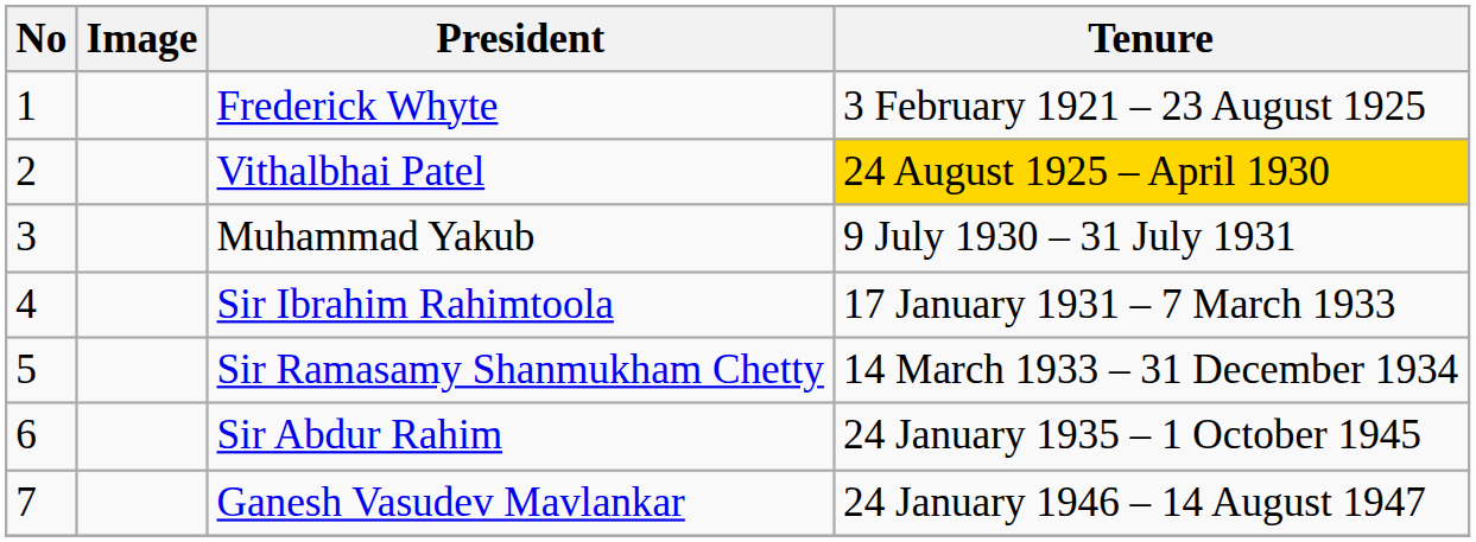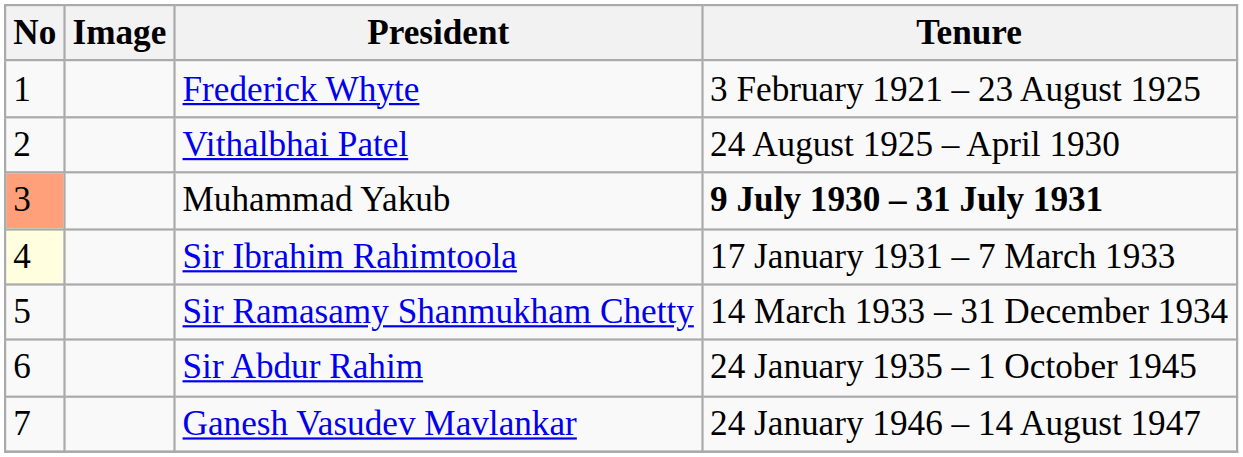 <table class="wikitable">
 <tr>
 <th>No</th>
 <th>Image</th>
 <th>President</th>
 <th>Tenure</th>
 </tr>
 <tr>
 <td>1</td>
 <td></td>
 <td><a href='#'>Frederick Whyte</a></td>
 <td>3 February 1921 – 23 August 1925</td>
 </tr>
 <tr>
 <td>2</td>
 <td></td>
 <td><a href='#'>Vithalbhai Patel</a></td>
-<td style="background: gold;">24 August 1925 – April 1930</td>
+<td>24 August 1925 – April 1930</td>
 </tr>
 <tr>
-<td>3</td>
+<td style="background: lightsalmon;">3</td>
 <td></td>
 <td>Muhammad Yakub</td>
-<td>9 July 1930 – 31 July 1931</td>
+<td><strong>9 July 1930 – 31 July 1931</strong></td>
 </tr>
 <tr>
-<td>4</td>
+<td style="background: lightyellow;">4</td>
 <td></td>
 <td><a href='#'>Sir Ibrahim Rahimtoola</a></td>
 <td>17 January 1931 – 7 March 1933</td>
 </tr>
 <tr>
 <td>5</td>
 <td></td>
 <td><a href='#'>Sir Ramasamy Shanmukham Chetty</a></td>
 <td>14 March 1933 – 31 December 1934</td>
 </tr>
 <tr>
 <td>6</td>
 <td></td>
 <td><a href='#'>Sir Abdur Rahim</a></td>
 <td>24 January 1935 – 1 October 1945</td>
 </tr>
 <tr>
 <td>7</td>
 <td></td>
 <td><a href='#'>Ganesh Vasudev Mavlankar</a></td>
 <td>24 January 1946 – 14 August 1947</td>
 </tr>
 <tr>
 </tr>
 </table>
